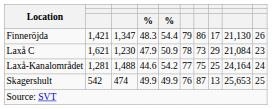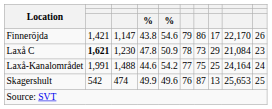 <table role="presentation" class="wikitable sortable mw-collapsible">
 <tr>
 <th rowspan="3">Location</th>
 <th></th>
 <th></th>
 <th></th>
 <th></th>
 <th></th>
 <th></th>
 <th></th>
 <th></th>
 <th></th>
 </tr>
 <tr>
 <th></th>
 <th></th>
 <th style="background:"></th>
 <th style="background:"></th>
 <th></th>
 <th></th>
 <th></th>
 <th></th>
 <th></th>
 </tr>
 <tr>
 <th data-sort-type="number"></th>
 <th data-sort-type="number"></th>
 <th data-sort-type="number">%</th>
 <th data-sort-type="number">%</th>
 <th data-sort-type="number"></th>
 <th data-sort-type="number"></th>
 <th data-sort-type="number"></th>
 <th data-sort-type="number"></th>
 <th data-sort-type="number"></th>
 </tr>
 <tr>
 <td align="left">Finneröjda</td>
 <td>1,421</td>
-<td>1,347</td>
-<td>48.3</td>
-<td>54.4</td>
+<td>1,147</td>
+<td>43.8</td>
+<td>54.6</td>
 <td>79</td>
 <td>86</td>
 <td>17</td>
-<td>21,130</td>
+<td>22,170</td>
 <td>26</td>
 </tr>
 <tr>
 <td align="left">Laxå C</td>
-<td>1,621</td>
+<td><strong>1,621</strong></td>
 <td>1,230</td>
-<td>47.9</td>
+<td>47.8</td>
 <td>50.9</td>
 <td>78</td>
 <td>73</td>
 <td>29</td>
 <td>21,084</td>
 <td>23</td>
 </tr>
 <tr>
 <td align="left">Laxå-Kanalområdet</td>
-<td>1,281</td>
+<td>1,991</td>
 <td>1,488</td>
 <td>44.6</td>
 <td>54.2</td>
 <td>77</td>
 <td>75</td>
 <td>25</td>
 <td>24,164</td>
 <td>24</td>
 </tr>
 <tr>
 <td align="left">Skagershult</td>
 <td>542</td>
 <td>474</td>
 <td>49.9</td>
-<td>49.9</td>
+<td>49.6</td>
 <td>76</td>
 <td>87</td>
 <td>13</td>
 <td>25,653</td>
 <td>25</td>
 </tr>
 <tr>
 <td colspan="10" align="left">Source: <a href='#'>SVT</a></td>
 </tr>
 </table>
